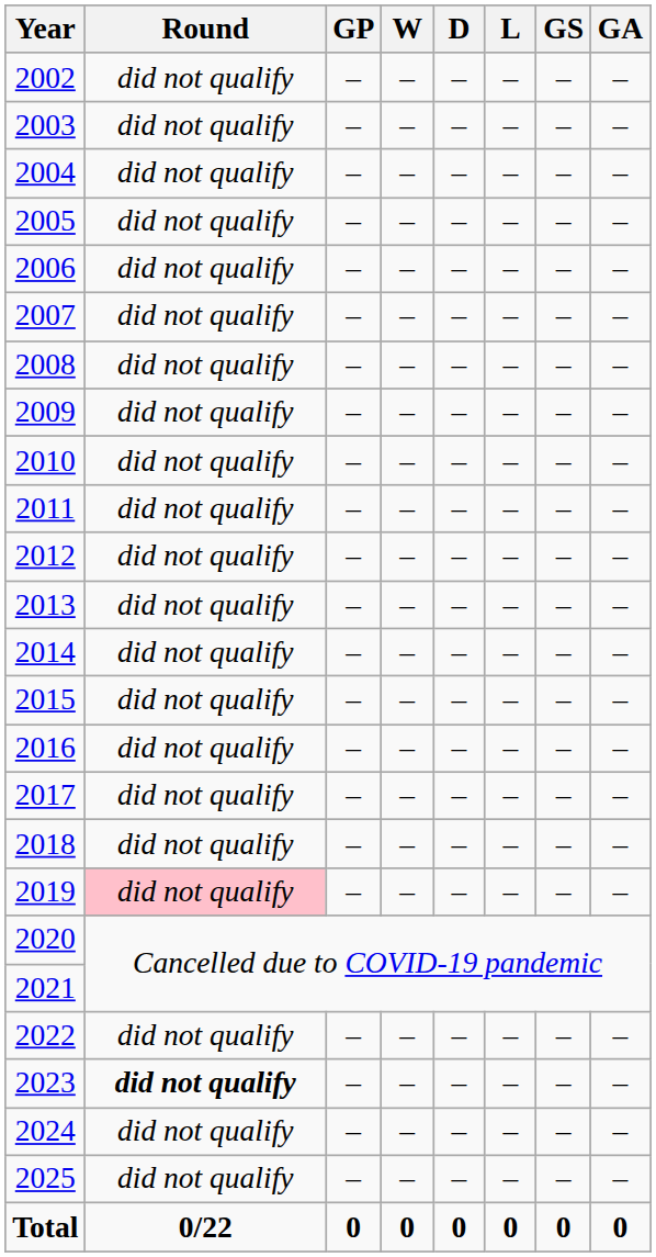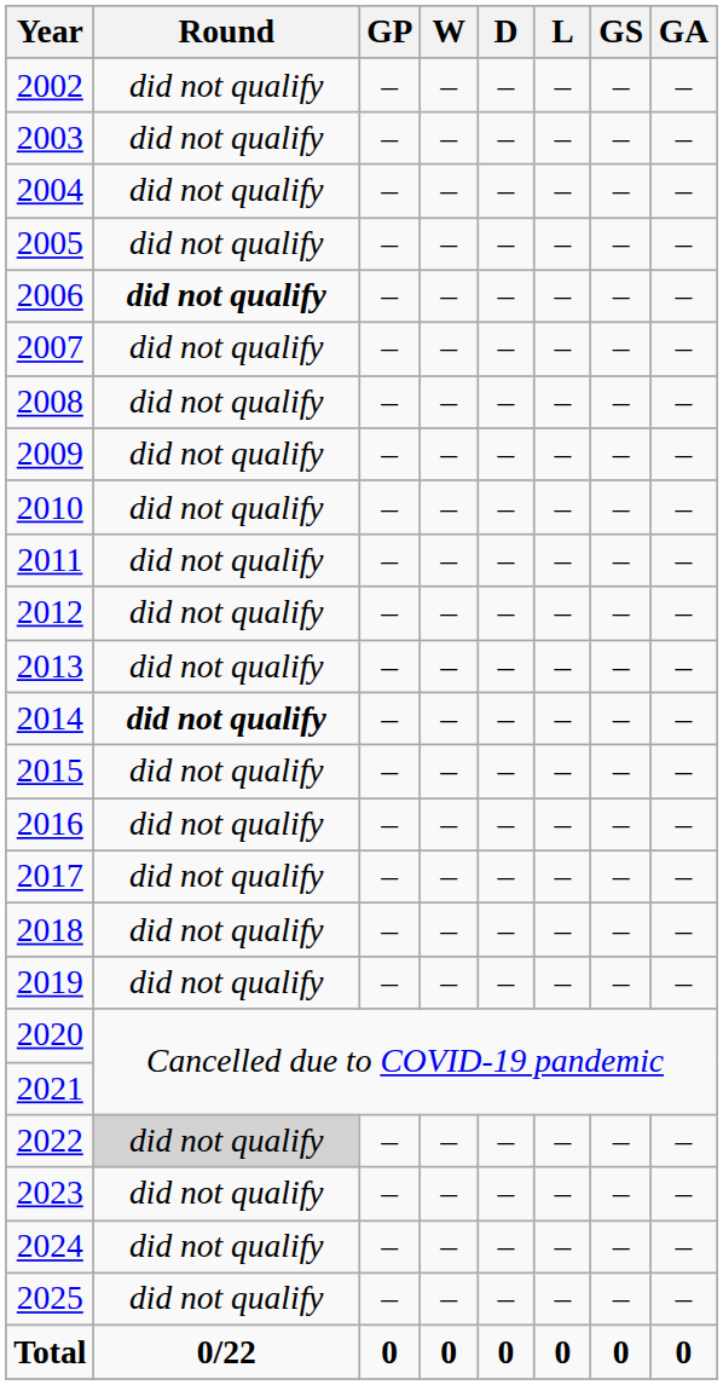 <table class="wikitable" style="text-align: center;">
 <tr>
 <th>Year</th>
 <th width="120">Round</th>
 <th width="20">GP</th>
 <th width="20">W</th>
 <th width="20">D</th>
 <th width="20">L</th>
 <th width="20">GS</th>
 <th width="20">GA</th>
 </tr>
 <tr>
 <td> <a href='#'>2002</a></td>
 <td><em>did not qualify</em></td>
 <td>–</td>
 <td>–</td>
 <td>–</td>
 <td>–</td>
 <td>–</td>
 <td>–</td>
 </tr>
 <tr>
 <td> <a href='#'>2003</a></td>
 <td><em>did not qualify</em></td>
 <td>–</td>
 <td>–</td>
 <td>–</td>
 <td>–</td>
 <td>–</td>
 <td>–</td>
 </tr>
 <tr>
 <td> <a href='#'>2004</a></td>
 <td><em>did not qualify</em></td>
 <td>–</td>
 <td>–</td>
 <td>–</td>
 <td>–</td>
 <td>–</td>
 <td>–</td>
 </tr>
 <tr>
 <td> <a href='#'>2005</a></td>
 <td><em>did not qualify</em></td>
 <td>–</td>
 <td>–</td>
 <td>–</td>
 <td>–</td>
 <td>–</td>
 <td>–</td>
 </tr>
 <tr>
 <td> <a href='#'>2006</a></td>
-<td><em>did not qualify</em></td>
+<td><strong><em>did not qualify</em></strong></td>
 <td>–</td>
 <td>–</td>
 <td>–</td>
 <td>–</td>
 <td>–</td>
 <td>–</td>
 </tr>
 <tr>
 <td> <a href='#'>2007</a></td>
 <td><em>did not qualify</em></td>
 <td>–</td>
 <td>–</td>
 <td>–</td>
 <td>–</td>
 <td>–</td>
 <td>–</td>
 </tr>
 <tr>
 <td> <a href='#'>2008</a></td>
 <td><em>did not qualify</em></td>
 <td>–</td>
 <td>–</td>
 <td>–</td>
 <td>–</td>
 <td>–</td>
 <td>–</td>
 </tr>
 <tr>
 <td> <a href='#'>2009</a></td>
 <td><em>did not qualify</em></td>
 <td>–</td>
 <td>–</td>
 <td>–</td>
 <td>–</td>
 <td>–</td>
 <td>–</td>
 </tr>
 <tr>
 <td> <a href='#'>2010</a></td>
 <td><em>did not qualify</em></td>
 <td>–</td>
 <td>–</td>
 <td>–</td>
 <td>–</td>
 <td>–</td>
 <td>–</td>
 </tr>
 <tr>
 <td> <a href='#'>2011</a></td>
 <td><em>did not qualify</em></td>
 <td>–</td>
 <td>–</td>
 <td>–</td>
 <td>–</td>
 <td>–</td>
 <td>–</td>
 </tr>
 <tr>
 <td> <a href='#'>2012</a></td>
 <td><em>did not qualify</em></td>
 <td>–</td>
 <td>–</td>
 <td>–</td>
 <td>–</td>
 <td>–</td>
 <td>–</td>
 </tr>
 <tr>
 <td> <a href='#'>2013</a></td>
 <td><em>did not qualify</em></td>
 <td>–</td>
 <td>–</td>
 <td>–</td>
 <td>–</td>
 <td>–</td>
 <td>–</td>
 </tr>
 <tr>
 <td> <a href='#'>2014</a></td>
-<td><em>did not qualify</em></td>
+<td><strong><em>did not qualify</em></strong></td>
 <td>–</td>
 <td>–</td>
 <td>–</td>
 <td>–</td>
 <td>–</td>
 <td>–</td>
 </tr>
 <tr>
 <td> <a href='#'>2015</a></td>
 <td><em>did not qualify</em></td>
 <td>–</td>
 <td>–</td>
 <td>–</td>
 <td>–</td>
 <td>–</td>
 <td>–</td>
 </tr>
 <tr>
 <td> <a href='#'>2016</a></td>
 <td><em>did not qualify</em></td>
 <td>–</td>
 <td>–</td>
 <td>–</td>
 <td>–</td>
 <td>–</td>
 <td>–</td>
 </tr>
 <tr>
 <td> <a href='#'>2017</a></td>
 <td><em>did not qualify</em></td>
 <td>–</td>
 <td>–</td>
 <td>–</td>
 <td>–</td>
 <td>–</td>
 <td>–</td>
 </tr>
 <tr>
 <td> <a href='#'>2018</a></td>
 <td><em>did not qualify</em></td>
 <td>–</td>
 <td>–</td>
 <td>–</td>
 <td>–</td>
 <td>–</td>
 <td>–</td>
 </tr>
 <tr>
 <td> <a href='#'>2019</a></td>
-<td style="background: pink;"><em>did not qualify</em></td>
+<td><em>did not qualify</em></td>
 <td>–</td>
 <td>–</td>
 <td>–</td>
 <td>–</td>
 <td>–</td>
 <td>–</td>
 </tr>
 <tr>
 <td> <a href='#'>2020</a></td>
 <td rowspan=2 colspan=8><em>Cancelled due to <a href='#'>COVID-19 pandemic</a></em></td>
 </tr>
 <tr>
 <td> <a href='#'>2021</a></td>
 </tr>
 <tr>
 <td> <a href='#'>2022</a></td>
-<td><em>did not qualify</em></td>
+<td style="background: lightgrey;"><em>did not qualify</em></td>
 <td>–</td>
 <td>–</td>
 <td>–</td>
 <td>–</td>
 <td>–</td>
 <td>–</td>
 </tr>
 <tr>
 <td> <a href='#'>2023</a></td>
-<td><strong><em>did not qualify</em></strong></td>
+<td><em>did not qualify</em></td>
 <td>–</td>
 <td>–</td>
 <td>–</td>
 <td>–</td>
 <td>–</td>
 <td>–</td>
 </tr>
 <tr>
 <td> <a href='#'>2024</a></td>
 <td><em>did not qualify</em></td>
 <td>–</td>
 <td>–</td>
 <td>–</td>
 <td>–</td>
 <td>–</td>
 <td>–</td>
 </tr>
 <tr>
 <td> <a href='#'>2025</a></td>
 <td><em>did not qualify</em></td>
 <td>–</td>
 <td>–</td>
 <td>–</td>
 <td>–</td>
 <td>–</td>
 <td>–</td>
 </tr>
 <tr>
 <td><strong>Total</strong></td>
 <td><strong>0/22</strong></td>
 <td><strong>0</strong></td>
 <td><strong>0</strong></td>
 <td><strong>0</strong></td>
 <td><strong>0</strong></td>
 <td><strong>0</strong></td>
 <td><strong>0</strong></td>
 </tr>
 </table>
